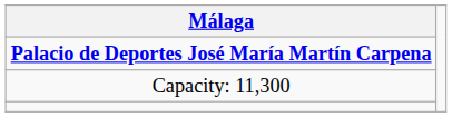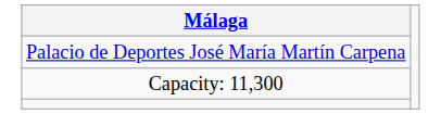 <table class="wikitable" style="text-align:center;margin:1em auto;">
 <tr>
 <th><a href='#'>Málaga</a></th>
 <td rowspan=4></td>
 </tr>
 <tr>
-<td><strong><a href='#'>Palacio de Deportes José María Martín Carpena</a></strong></td>
+<td><a href='#'>Palacio de Deportes José María Martín Carpena</a></td>
 </tr>
 <tr>
 <td>Capacity: 11,300</td>
 </tr>
 <tr>
 <td></td>
 </tr>
 </table>
